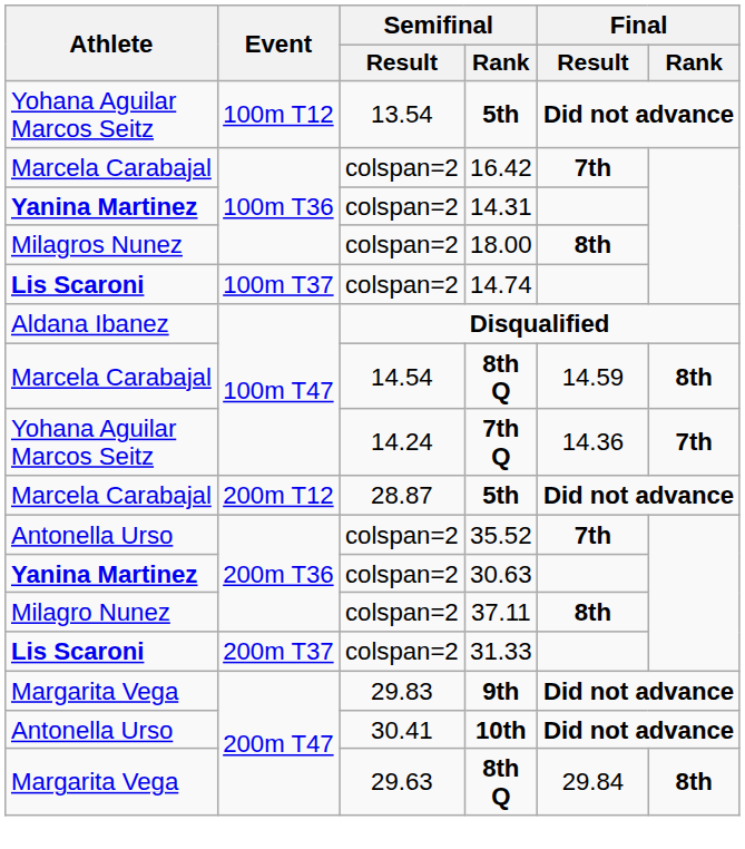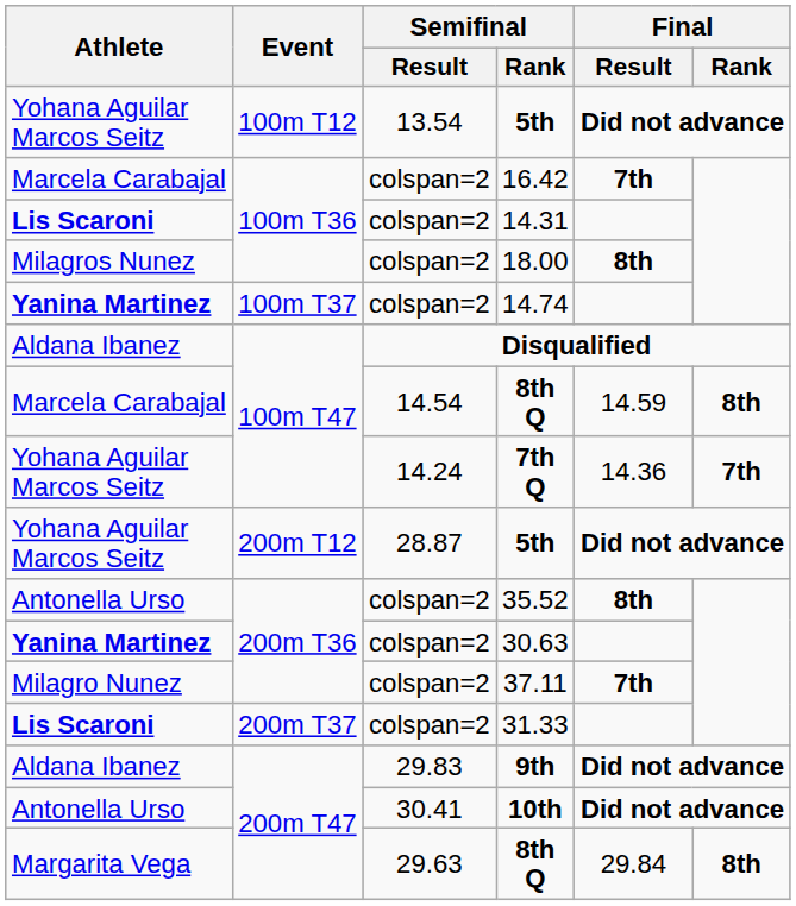 <table class=wikitable style="font-size:90%">
 <tr>
 <th rowspan="2">Athlete</th>
 <th rowspan="2">Event</th>
 <th colspan="2">Semifinal</th>
 <th colspan="2">Final</th>
 </tr>
 <tr style="font-size:95%">
 <th>Result</th>
 <th>Rank</th>
 <th>Result</th>
 <th>Rank</th>
 </tr>
 <tr align=center>
 <td align=left><a href='#'>Yohana Aguilar</a><br><a href='#'>Marcos Seitz</a></td>
 <td align=left><a href='#'>100m T12</a></td>
 <td>13.54</td>
 <td><strong>5th</strong></td>
 <td colspan=2><strong>Did not advance</strong></td>
 </tr>
 <tr align=center>
 <td align=left><a href='#'>Marcela Carabajal</a></td>
 <td align=left rowspan=3><a href='#'>100m T36</a></td>
 <td>colspan=2 </td>
 <td>16.42</td>
 <td><strong>7th</strong></td>
 </tr>
 <tr align=center>
-<td align=left><strong><a href='#'>Yanina Martinez</a></strong></td>
+<td align=left><strong><a href='#'>Lis Scaroni</a></strong></td>
 <td>colspan=2 </td>
 <td>14.31</td>
 <td></td>
 </tr>
 <tr align=center>
 <td align=left><a href='#'>Milagros Nunez</a></td>
 <td>colspan=2 </td>
 <td>18.00</td>
 <td><strong>8th</strong></td>
 </tr>
 <tr align=center>
-<td align=left><strong><a href='#'>Lis Scaroni</a></strong></td>
+<td align=left><strong><a href='#'>Yanina Martinez</a></strong></td>
 <td align=left><a href='#'>100m T37</a></td>
 <td>colspan=2 </td>
 <td>14.74</td>
 <td></td>
 </tr>
 <tr align=center>
 <td align=left><a href='#'>Aldana Ibanez</a></td>
 <td align=left rowspan=3><a href='#'>100m T47</a></td>
 <td colspan=4><strong>Disqualified</strong></td>
 </tr>
 <tr align=center>
 <td align=left><a href='#'>Marcela Carabajal</a></td>
 <td>14.54</td>
 <td><strong>8th</strong><br><strong>Q</strong></td>
 <td>14.59</td>
 <td><strong>8th</strong></td>
 </tr>
 <tr align=center>
 <td align=left><a href='#'>Yohana Aguilar</a><br><a href='#'>Marcos Seitz</a></td>
 <td>14.24</td>
 <td><strong>7th</strong><br><strong>Q</strong></td>
 <td>14.36</td>
 <td><strong>7th</strong></td>
 </tr>
 <tr align=center>
-<td align=left><a href='#'>Marcela Carabajal</a></td>
+<td align=left><a href='#'>Yohana Aguilar</a><br><a href='#'>Marcos Seitz</a></td>
 <td align=left><a href='#'>200m T12</a></td>
 <td>28.87</td>
 <td><strong>5th</strong></td>
 <td colspan=2><strong>Did not advance</strong></td>
 </tr>
 <tr align=center>
 <td align=left><a href='#'>Antonella Urso</a></td>
 <td align=left rowspan=3><a href='#'>200m T36</a></td>
 <td>colspan=2 </td>
 <td>35.52</td>
-<td><strong>7th</strong></td>
+<td><strong>8th</strong></td>
 </tr>
 <tr align=center>
 <td align=left><strong><a href='#'>Yanina Martinez</a></strong></td>
 <td>colspan=2 </td>
 <td>30.63</td>
 <td></td>
 </tr>
 <tr align=center>
 <td align=left><a href='#'>Milagro Nunez</a></td>
 <td>colspan=2 </td>
 <td>37.11</td>
-<td><strong>8th</strong></td>
+<td><strong>7th</strong></td>
 </tr>
 <tr align=center>
 <td align=left><strong><a href='#'>Lis Scaroni</a></strong></td>
 <td align=left><a href='#'>200m T37</a></td>
 <td>colspan=2 </td>
 <td>31.33</td>
 <td></td>
 </tr>
 <tr align=center>
-<td align=left><a href='#'>Margarita Vega</a></td>
+<td align=left><a href='#'>Aldana Ibanez</a></td>
 <td align=left rowspan=3><a href='#'>200m T47</a></td>
 <td>29.83</td>
 <td><strong>9th</strong></td>
 <td colspan=2><strong>Did not advance</strong></td>
 </tr>
 <tr align=center>
 <td align=left><a href='#'>Antonella Urso</a></td>
 <td>30.41</td>
 <td><strong>10th</strong></td>
 <td colspan=2><strong>Did not advance</strong></td>
 </tr>
 <tr align=center>
 <td align=left><a href='#'>Margarita Vega</a></td>
 <td>29.63</td>
 <td><strong>8th</strong><br><strong>Q</strong></td>
 <td>29.84</td>
 <td><strong>8th</strong></td>
 </tr>
 </table>
